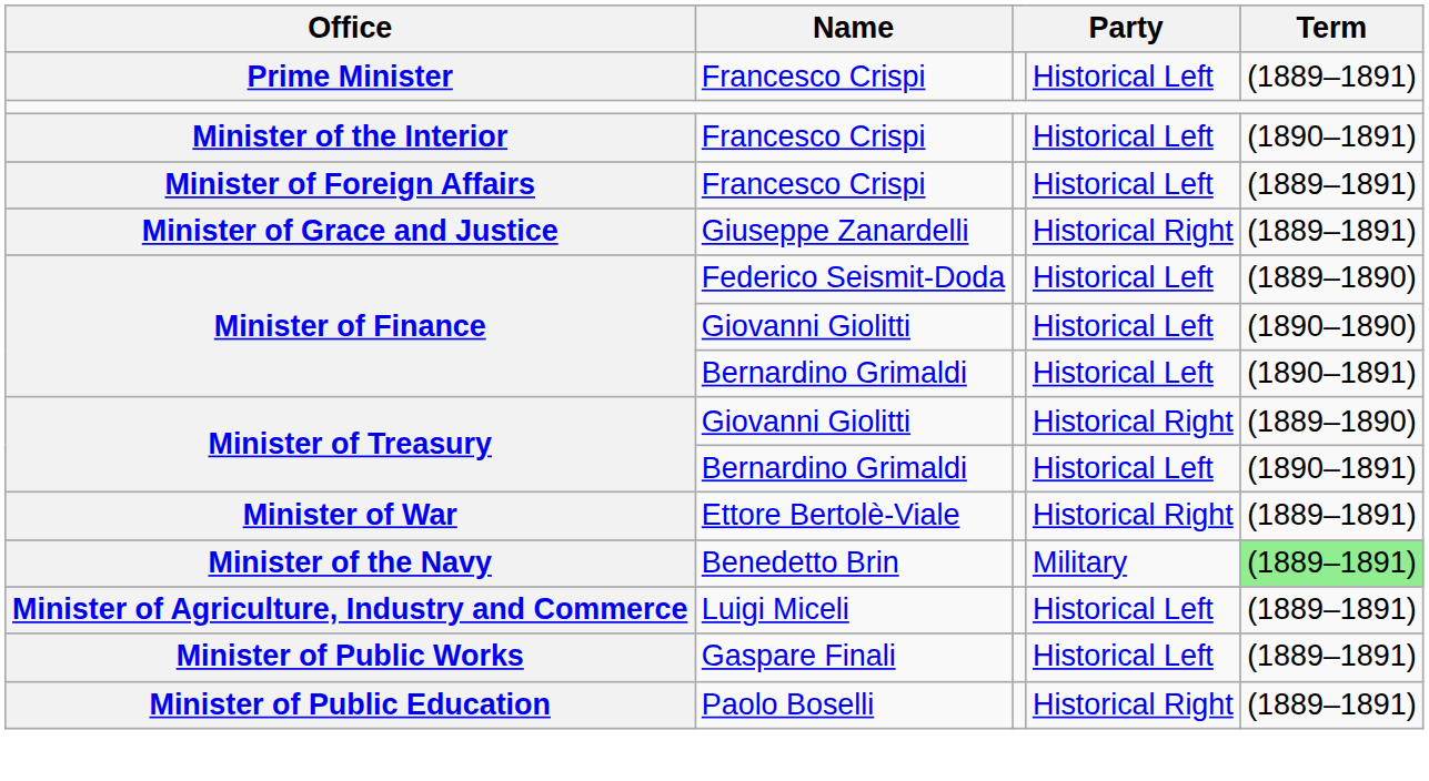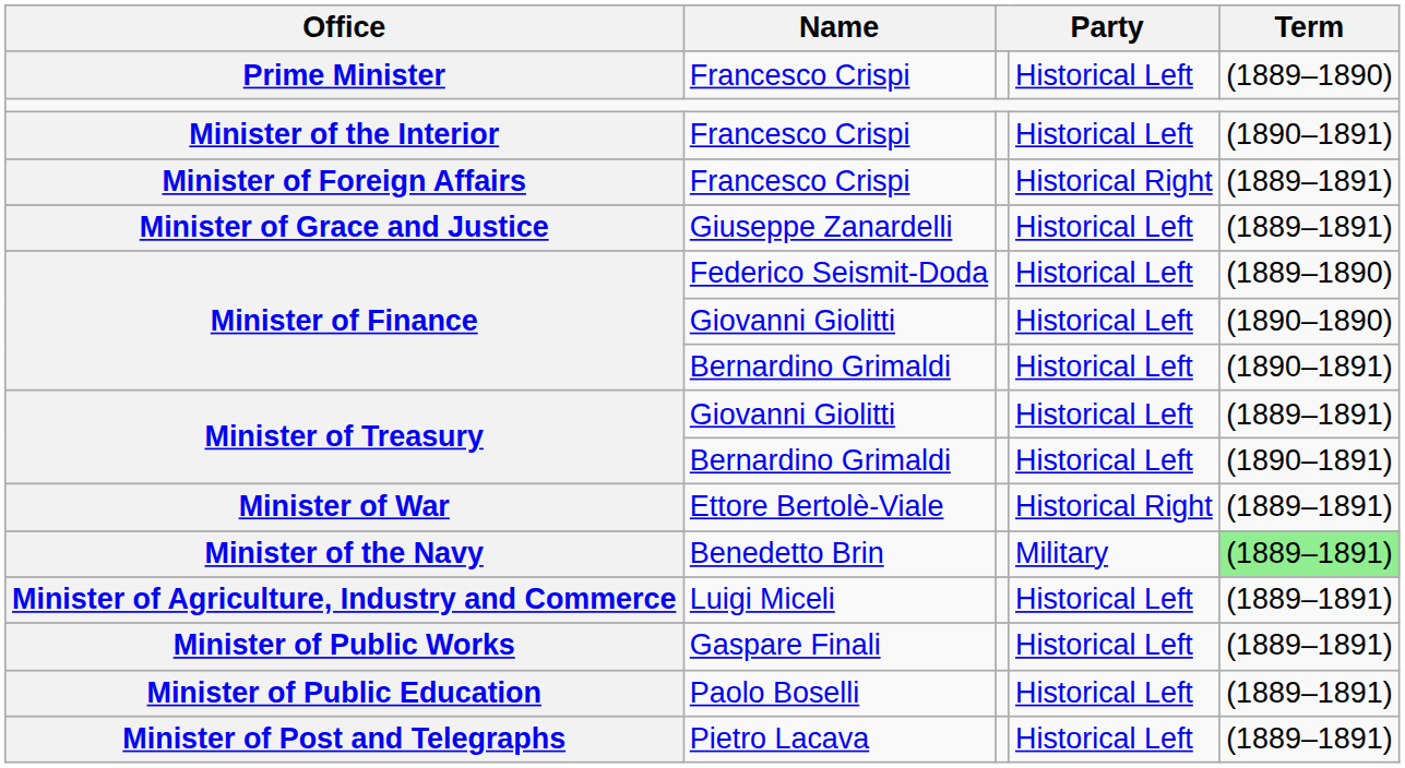 <table class="wikitable" style="font-size: 100%;">
 <tr>
 <th>Office</th>
 <th>Name</th>
 <th colspan=2>Party</th>
 <th>Term</th>
 </tr>
 <tr>
 <th><a href='#'>Prime Minister</a></th>
 <td><a href='#'>Francesco Crispi</a></td>
 <td style="color:inherit;background:"></td>
 <td><a href='#'>Historical Left</a></td>
-<td>(1889–1891)</td>
+<td>(1889–1890)</td>
 </tr>
 <tr>
 <td colspan=5></td>
 </tr>
 <tr>
 <th><a href='#'>Minister of the Interior</a></th>
 <td><a href='#'>Francesco Crispi</a></td>
 <td style="color:inherit;background:"></td>
 <td><a href='#'>Historical Left</a></td>
 <td>(1890–1891)</td>
 </tr>
 <tr>
 <th><a href='#'>Minister of Foreign Affairs</a></th>
 <td><a href='#'>Francesco Crispi</a></td>
 <td style="color:inherit;background:"></td>
-<td><a href='#'>Historical Left</a></td>
+<td><a href='#'>Historical Right</a></td>
 <td>(1889–1891)</td>
 </tr>
 <tr>
 <th><a href='#'>Minister of Grace and Justice</a></th>
 <td><a href='#'>Giuseppe Zanardelli</a></td>
 <td style="color:inherit;background:"></td>
-<td><a href='#'>Historical Right</a></td>
+<td><a href='#'>Historical Left</a></td>
 <td>(1889–1891)</td>
 </tr>
 <tr>
 <th rowspan=3><a href='#'>Minister of Finance</a></th>
 <td><a href='#'>Federico Seismit-Doda</a></td>
 <td style="color:inherit;background:"></td>
 <td><a href='#'>Historical Left</a></td>
 <td>(1889–1890)</td>
 </tr>
 <tr>
 <td><a href='#'>Giovanni Giolitti</a></td>
 <td style="color:inherit;background:"></td>
 <td><a href='#'>Historical Left</a></td>
 <td>(1890–1890)</td>
 </tr>
 <tr>
 <td><a href='#'>Bernardino Grimaldi</a></td>
 <td style="color:inherit;background:"></td>
 <td><a href='#'>Historical Left</a></td>
 <td>(1890–1891)</td>
 </tr>
 <tr>
 <th rowspan=2><a href='#'>Minister of Treasury</a></th>
 <td><a href='#'>Giovanni Giolitti</a></td>
 <td style="color:inherit;background:"></td>
-<td><a href='#'>Historical Right</a></td>
-<td>(1889–1890)</td>
+<td><a href='#'>Historical Left</a></td>
+<td>(1889–1891)</td>
 </tr>
 <tr>
 <td><a href='#'>Bernardino Grimaldi</a></td>
 <td style="color:inherit;background:"></td>
 <td><a href='#'>Historical Left</a></td>
 <td>(1890–1891)</td>
 </tr>
 <tr>
 <th><a href='#'>Minister of War</a></th>
 <td><a href='#'>Ettore Bertolè-Viale</a></td>
 <td style="color:inherit;background:"></td>
 <td><a href='#'>Historical Right</a></td>
 <td>(1889–1891)</td>
 </tr>
 <tr>
 <th><a href='#'>Minister of the Navy</a></th>
 <td><a href='#'>Benedetto Brin</a></td>
 <td style="color:inherit;background:"></td>
 <td><a href='#'>Military</a></td>
 <td style="background: lightgreen;">(1889–1891)</td>
 </tr>
 <tr>
 <th><a href='#'>Minister of Agriculture, Industry and Commerce</a></th>
 <td><a href='#'>Luigi Miceli</a></td>
 <td style="color:inherit;background:"></td>
 <td><a href='#'>Historical Left</a></td>
 <td>(1889–1891)</td>
 </tr>
 <tr>
 <th><a href='#'>Minister of Public Works</a></th>
 <td><a href='#'>Gaspare Finali</a></td>
 <td style="color:inherit;background:"></td>
 <td><a href='#'>Historical Left</a></td>
 <td>(1889–1891)</td>
 </tr>
 <tr>
 <th><a href='#'>Minister of Public Education</a></th>
 <td><a href='#'>Paolo Boselli</a></td>
 <td style="color:inherit;background:"></td>
-<td><a href='#'>Historical Right</a></td>
+<td><a href='#'>Historical Left</a></td>
+<td>(1889–1891)</td>
+</tr>
+<tr>
+<th><a href='#'>Minister of Post and Telegraphs</a></th>
+<td><a href='#'>Pietro Lacava</a></td>
+<td style="color:inherit;background:"></td>
+<td><a href='#'>Historical Left</a></td>
 <td>(1889–1891)</td>
 </tr>
 </table>
